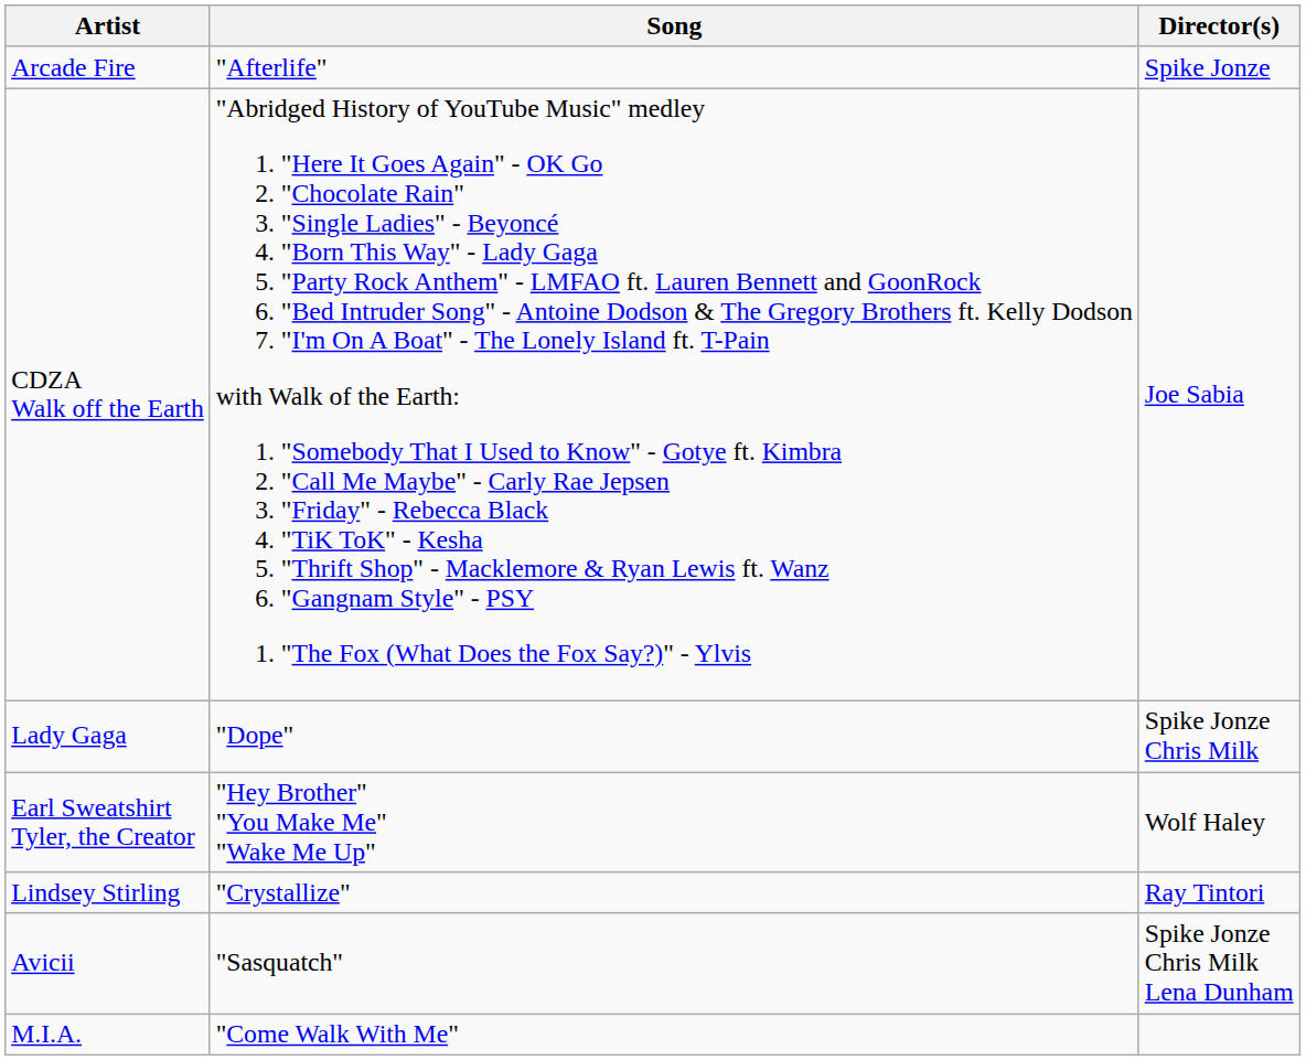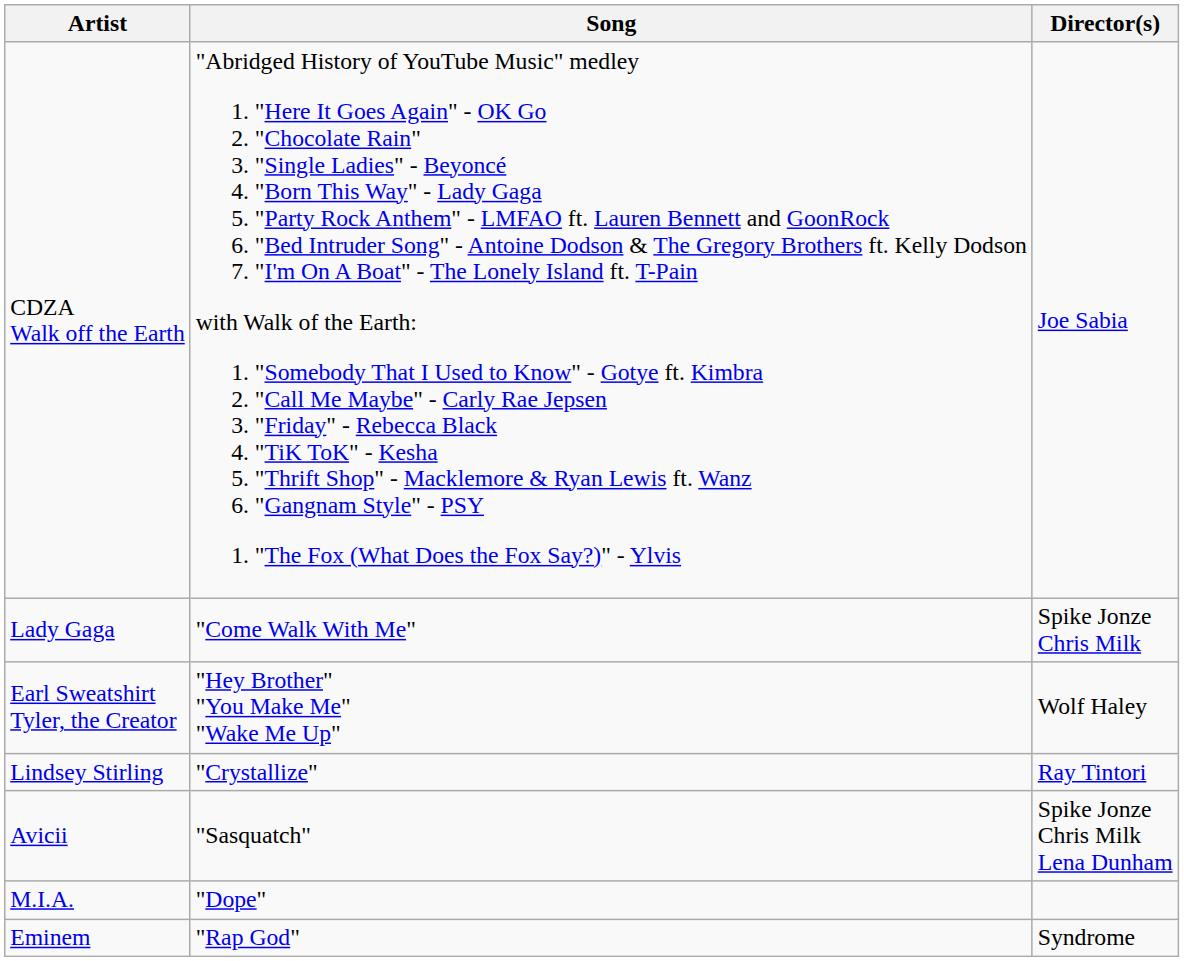 <table class="wikitable">
 <tr>
 <th>Artist</th>
 <th>Song</th>
 <th>Director(s)</th>
-</tr>
-<tr>
-<td><a href='#'>Arcade Fire</a></td>
-<td>"<a href='#'>Afterlife</a>"</td>
-<td><a href='#'>Spike Jonze</a></td>
 </tr>
 <tr>
 <td>CDZA<br><a href='#'>Walk off the Earth</a></td>
 <td>"Abridged History of YouTube Music" <span>medley</span><br><ol><li>"<a href='#'>Here It Goes Again</a>" - <a href='#'>OK Go</a></li><li>"<a href='#'>Chocolate Rain</a>" </li><li>"<a href='#'>Single Ladies</a>" - <a href='#'>Beyoncé</a></li><li>"<a href='#'>Born This Way</a>" - <a href='#'>Lady Gaga</a></li><li>"<a href='#'>Party Rock Anthem</a>" - <a href='#'>LMFAO</a> ft. <a href='#'>Lauren Bennett</a> and <a href='#'>GoonRock</a></li><li>"<a href='#'>Bed Intruder Song</a>" - <a href='#'>Antoine Dodson</a> & <a href='#'>The Gregory Brothers</a> ft. Kelly Dodson</li><li>"<a href='#'>I'm On A Boat</a>" - <a href='#'>The Lonely Island</a> ft. <a href='#'>T-Pain</a> </li></ol><span>with Walk of the Earth:</span><ol><li>"<a href='#'>Somebody That I Used to Know</a>" - <a href='#'>Gotye</a> ft. <a href='#'>Kimbra</a></li><li>"<a href='#'>Call Me Maybe</a>" - <a href='#'>Carly Rae Jepsen</a></li><li>"<a href='#'>Friday</a>" - <a href='#'>Rebecca Black</a></li><li>"<a href='#'>TiK ToK</a>" - <a href='#'>Kesha</a></li><li>"<a href='#'>Thrift Shop</a>" - <a href='#'>Macklemore & Ryan Lewis</a> ft. <a href='#'>Wanz</a></li><li>"<a href='#'>Gangnam Style</a>" - <a href='#'>PSY</a></li></ol><ol><li>"<a href='#'>The Fox (What Does the Fox Say?)</a>" - <a href='#'>Ylvis</a></li></ol></td>
 <td><a href='#'>Joe Sabia</a> </td>
 </tr>
 <tr>
 <td><a href='#'>Lady Gaga</a></td>
-<td>"<a href='#'>Dope</a>"</td>
+<td>"<a href='#'>Come Walk With Me</a>"</td>
 <td>Spike Jonze<br><a href='#'>Chris Milk</a></td>
 </tr>
 <tr>
 <td><a href='#'>Earl Sweatshirt</a><br><a href='#'>Tyler, the Creator</a></td>
 <td>"<a href='#'>Hey Brother</a>"<br>"<a href='#'>You Make Me</a>"<br>"<a href='#'>Wake Me Up</a>"</td>
 <td>Wolf Haley </td>
 </tr>
 <tr>
 <td><a href='#'>Lindsey Stirling</a></td>
 <td>"<a href='#'>Crystallize</a>"</td>
 <td><a href='#'>Ray Tintori</a> </td>
 </tr>
 <tr>
 <td><a href='#'>Avicii</a></td>
 <td>"Sasquatch"</td>
 <td>Spike Jonze<br>Chris Milk<br><a href='#'>Lena Dunham</a> </td>
 </tr>
 <tr>
 <td><a href='#'>M.I.A.</a></td>
-<td>"<a href='#'>Come Walk With Me</a>"</td>
+<td>"<a href='#'>Dope</a>"</td>
 <td> </td>
 </tr>
+<tr>
+<td><a href='#'>Eminem</a></td>
+<td>"<a href='#'>Rap God</a>"</td>
+<td>Syndrome </td>
+</tr>
 </table>
